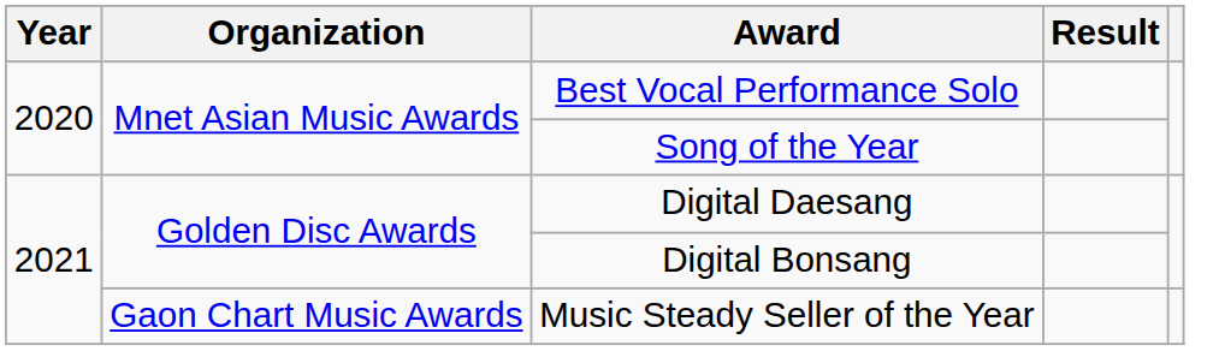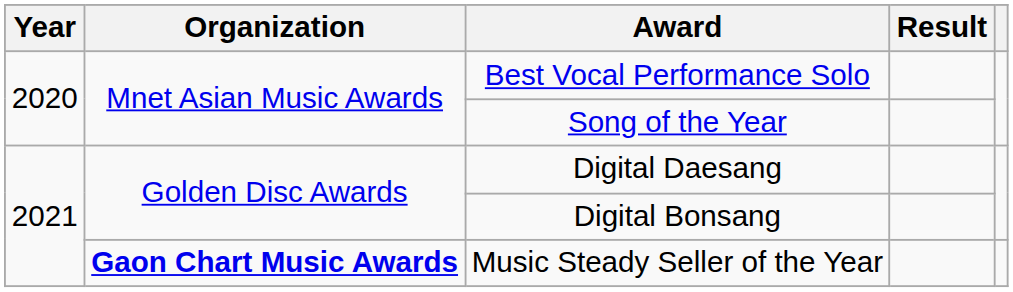 <table class="wikitable" style=text-align:center>
 <tr>
 <th>Year</th>
 <th>Organization</th>
 <th>Award</th>
 <th>Result</th>
 <th></th>
 </tr>
 <tr>
 <td rowspan="2">2020</td>
 <td rowspan="2"><a href='#'>Mnet Asian Music Awards</a></td>
 <td><a href='#'>Best Vocal Performance Solo</a></td>
 <td></td>
 <td rowspan="2"></td>
 </tr>
 <tr>
 <td><a href='#'>Song of the Year</a></td>
 <td></td>
 </tr>
 <tr>
 <td rowspan="3">2021</td>
 <td rowspan="2"><a href='#'>Golden Disc Awards</a></td>
 <td>Digital Daesang</td>
 <td></td>
 <td rowspan="2"></td>
 </tr>
 <tr>
 <td>Digital Bonsang</td>
 <td></td>
 </tr>
 <tr>
-<td><a href='#'>Gaon Chart Music Awards</a></td>
+<td><strong><a href='#'>Gaon Chart Music Awards</a></strong></td>
 <td>Music Steady Seller of the Year</td>
 <td></td>
 <td></td>
 </tr>
 </table>
